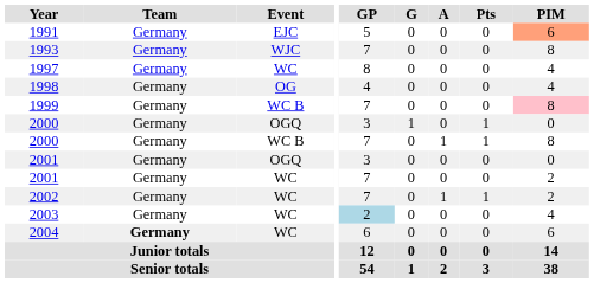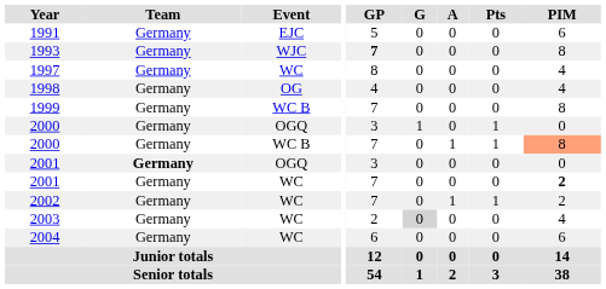 <table border="0" cellpadding="1" cellspacing="0" ID="Table3" style="text-align:center; width:40em">
 <tr bgcolor="#e0e0e0">
 <th>Year</th>
 <th>Team</th>
 <th>Event</th>
 <th rowspan="102" bgcolor="#ffffff"></th>
 <th>GP</th>
 <th>G</th>
 <th>A</th>
 <th>Pts</th>
 <th>PIM</th>
 </tr>
 <tr>
 <td><a href='#'>1991</a></td>
 <td><a href='#'>Germany</a></td>
 <td><a href='#'>EJC</a></td>
 <td>5</td>
 <td>0</td>
 <td>0</td>
 <td>0</td>
-<td style="background: lightsalmon;">6</td>
+<td>6</td>
 </tr>
 <tr bgcolor="#f0f0f0">
 <td><a href='#'>1993</a></td>
 <td><a href='#'>Germany</a></td>
 <td><a href='#'>WJC</a></td>
-<td>7</td>
+<td><strong>7</strong></td>
 <td>0</td>
 <td>0</td>
 <td>0</td>
 <td>8</td>
 </tr>
 <tr>
 <td><a href='#'>1997</a></td>
 <td><a href='#'>Germany</a></td>
 <td><a href='#'>WC</a></td>
 <td>8</td>
 <td>0</td>
 <td>0</td>
 <td>0</td>
 <td>4</td>
 </tr>
 <tr bgcolor="#f0f0f0">
 <td><a href='#'>1998</a></td>
 <td>Germany</td>
 <td><a href='#'>OG</a></td>
 <td>4</td>
 <td>0</td>
 <td>0</td>
 <td>0</td>
 <td>4</td>
 </tr>
 <tr>
 <td><a href='#'>1999</a></td>
 <td>Germany</td>
 <td><a href='#'>WC B</a></td>
 <td>7</td>
 <td>0</td>
 <td>0</td>
 <td>0</td>
-<td style="background: pink;">8</td>
+<td>8</td>
 </tr>
 <tr bgcolor="#f0f0f0">
 <td><a href='#'>2000</a></td>
 <td>Germany</td>
 <td>OGQ</td>
 <td>3</td>
 <td>1</td>
 <td>0</td>
 <td>1</td>
 <td>0</td>
 </tr>
 <tr>
 <td><a href='#'>2000</a></td>
 <td>Germany</td>
 <td>WC B</td>
 <td>7</td>
 <td>0</td>
 <td>1</td>
 <td>1</td>
-<td>8</td>
+<td style="background: lightsalmon;">8</td>
 </tr>
 <tr bgcolor="#f0f0f0">
 <td><a href='#'>2001</a></td>
-<td>Germany</td>
+<td><strong>Germany</strong></td>
 <td>OGQ</td>
 <td>3</td>
 <td>0</td>
 <td>0</td>
 <td>0</td>
 <td>0</td>
 </tr>
 <tr>
 <td><a href='#'>2001</a></td>
 <td>Germany</td>
 <td>WC</td>
 <td>7</td>
 <td>0</td>
 <td>0</td>
 <td>0</td>
-<td>2</td>
+<td><strong>2</strong></td>
 </tr>
 <tr bgcolor="#f0f0f0">
 <td><a href='#'>2002</a></td>
 <td>Germany</td>
 <td>WC</td>
 <td>7</td>
 <td>0</td>
 <td>1</td>
 <td>1</td>
 <td>2</td>
 </tr>
 <tr>
 <td><a href='#'>2003</a></td>
 <td>Germany</td>
 <td>WC</td>
-<td style="background: lightblue;">2</td>
-<td>0</td>
+<td>2</td>
+<td style="background: lightgrey;">0</td>
 <td>0</td>
 <td>0</td>
 <td>4</td>
 </tr>
 <tr bgcolor="#f0f0f0">
 <td><a href='#'>2004</a></td>
-<td><strong>Germany</strong></td>
+<td>Germany</td>
 <td>WC</td>
 <td>6</td>
 <td>0</td>
 <td>0</td>
 <td>0</td>
 <td>6</td>
 </tr>
 <tr bgcolor="#e0e0e0">
 <th colspan="3">Junior totals</th>
 <th>12</th>
 <th>0</th>
 <th>0</th>
 <th>0</th>
 <th>14</th>
 </tr>
 <tr bgcolor="#e0e0e0">
 <th colspan="3">Senior totals</th>
 <th>54</th>
 <th>1</th>
 <th>2</th>
 <th>3</th>
 <th>38</th>
 </tr>
 </table>
